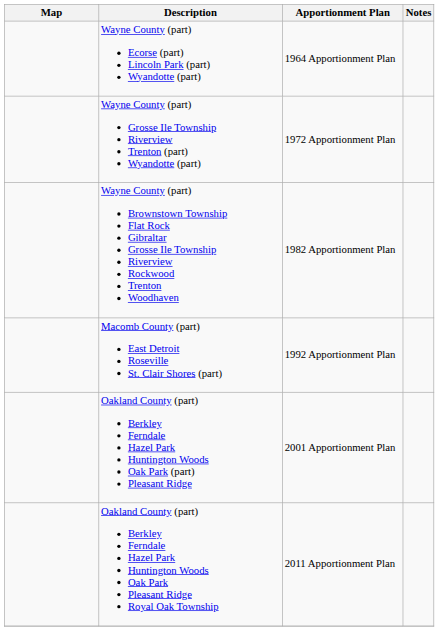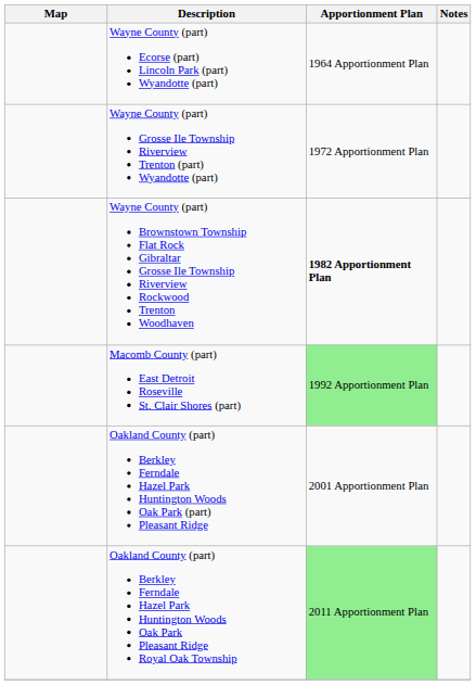 <table class="wikitable sortable">
 <tr>
 <th style="width:100pt;">Map</th>
 <th style="width:200pt;">Description</th>
 <th style="width:130pt;">Apportionment Plan</th>
 <th style="width:15pt;">Notes</th>
 </tr>
 <tr>
 <td></td>
 <td><a href='#'>Wayne County</a> (part)<br><ul><li><a href='#'>Ecorse</a> (part)</li><li><a href='#'>Lincoln Park</a> (part)</li><li><a href='#'>Wyandotte</a> (part)</li></ul></td>
 <td>1964 Apportionment Plan</td>
 <td></td>
 </tr>
 <tr>
 <td></td>
 <td><a href='#'>Wayne County</a> (part)<br><ul><li><a href='#'>Grosse Ile Township</a></li><li><a href='#'>Riverview</a></li><li><a href='#'>Trenton</a> (part)</li><li><a href='#'>Wyandotte</a> (part)</li></ul></td>
 <td>1972 Apportionment Plan</td>
 <td></td>
 </tr>
 <tr>
 <td></td>
 <td><a href='#'>Wayne County</a> (part)<br><ul><li><a href='#'>Brownstown Township</a></li><li><a href='#'>Flat Rock</a></li><li><a href='#'>Gibraltar</a></li><li><a href='#'>Grosse Ile Township</a></li><li><a href='#'>Riverview</a></li><li><a href='#'>Rockwood</a></li><li><a href='#'>Trenton</a></li><li><a href='#'>Woodhaven</a></li></ul></td>
-<td>1982 Apportionment Plan</td>
+<td><strong>1982 Apportionment Plan</strong></td>
 <td></td>
 </tr>
 <tr>
 <td></td>
 <td><a href='#'>Macomb County</a> (part)<br><ul><li><a href='#'>East Detroit</a></li><li><a href='#'>Roseville</a></li><li><a href='#'>St. Clair Shores</a> (part)</li></ul></td>
-<td>1992 Apportionment Plan</td>
+<td style="background: lightgreen;">1992 Apportionment Plan</td>
 <td></td>
 </tr>
 <tr>
 <td></td>
 <td><a href='#'>Oakland County</a> (part)<br><ul><li><a href='#'>Berkley</a></li><li><a href='#'>Ferndale</a></li><li><a href='#'>Hazel Park</a></li><li><a href='#'>Huntington Woods</a></li><li><a href='#'>Oak Park</a> (part)</li><li><a href='#'>Pleasant Ridge</a></li></ul></td>
 <td>2001 Apportionment Plan</td>
 <td></td>
 </tr>
 <tr>
 <td></td>
 <td><a href='#'>Oakland County</a> (part)<br><ul><li><a href='#'>Berkley</a></li><li><a href='#'>Ferndale</a></li><li><a href='#'>Hazel Park</a></li><li><a href='#'>Huntington Woods</a></li><li><a href='#'>Oak Park</a></li><li><a href='#'>Pleasant Ridge</a></li><li><a href='#'>Royal Oak Township</a></li></ul></td>
-<td>2011 Apportionment Plan</td>
+<td style="background: lightgreen;">2011 Apportionment Plan</td>
 <td></td>
 </tr>
 <tr>
 </tr>
 </table>
